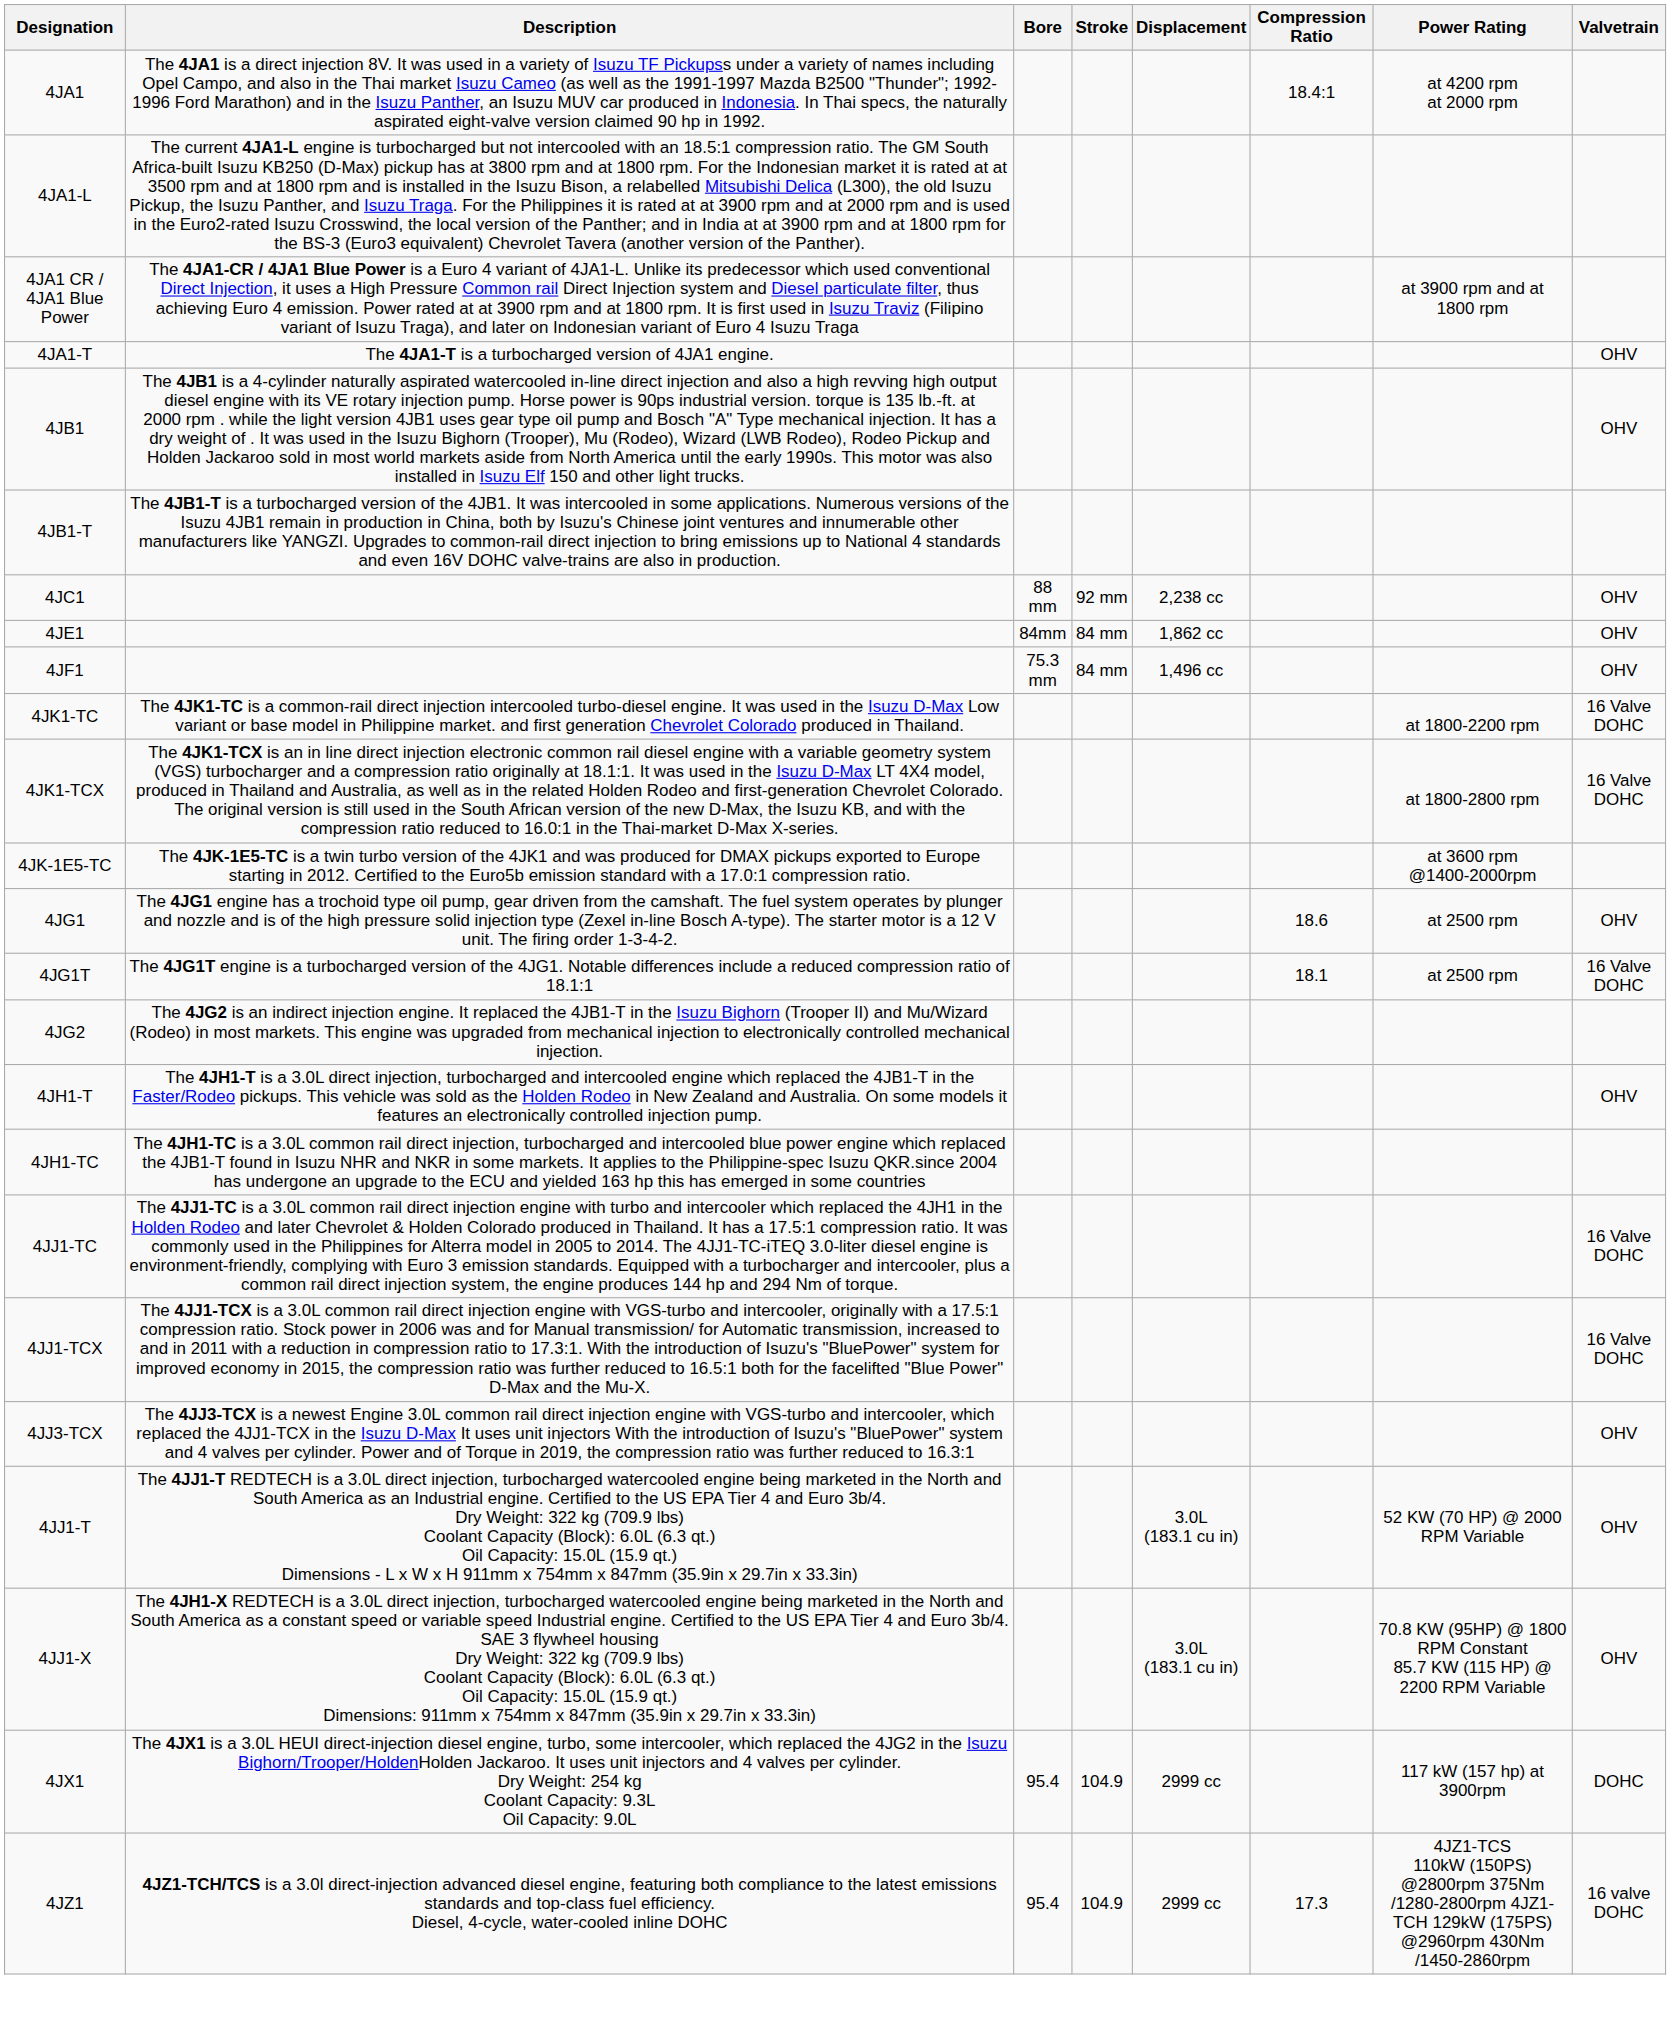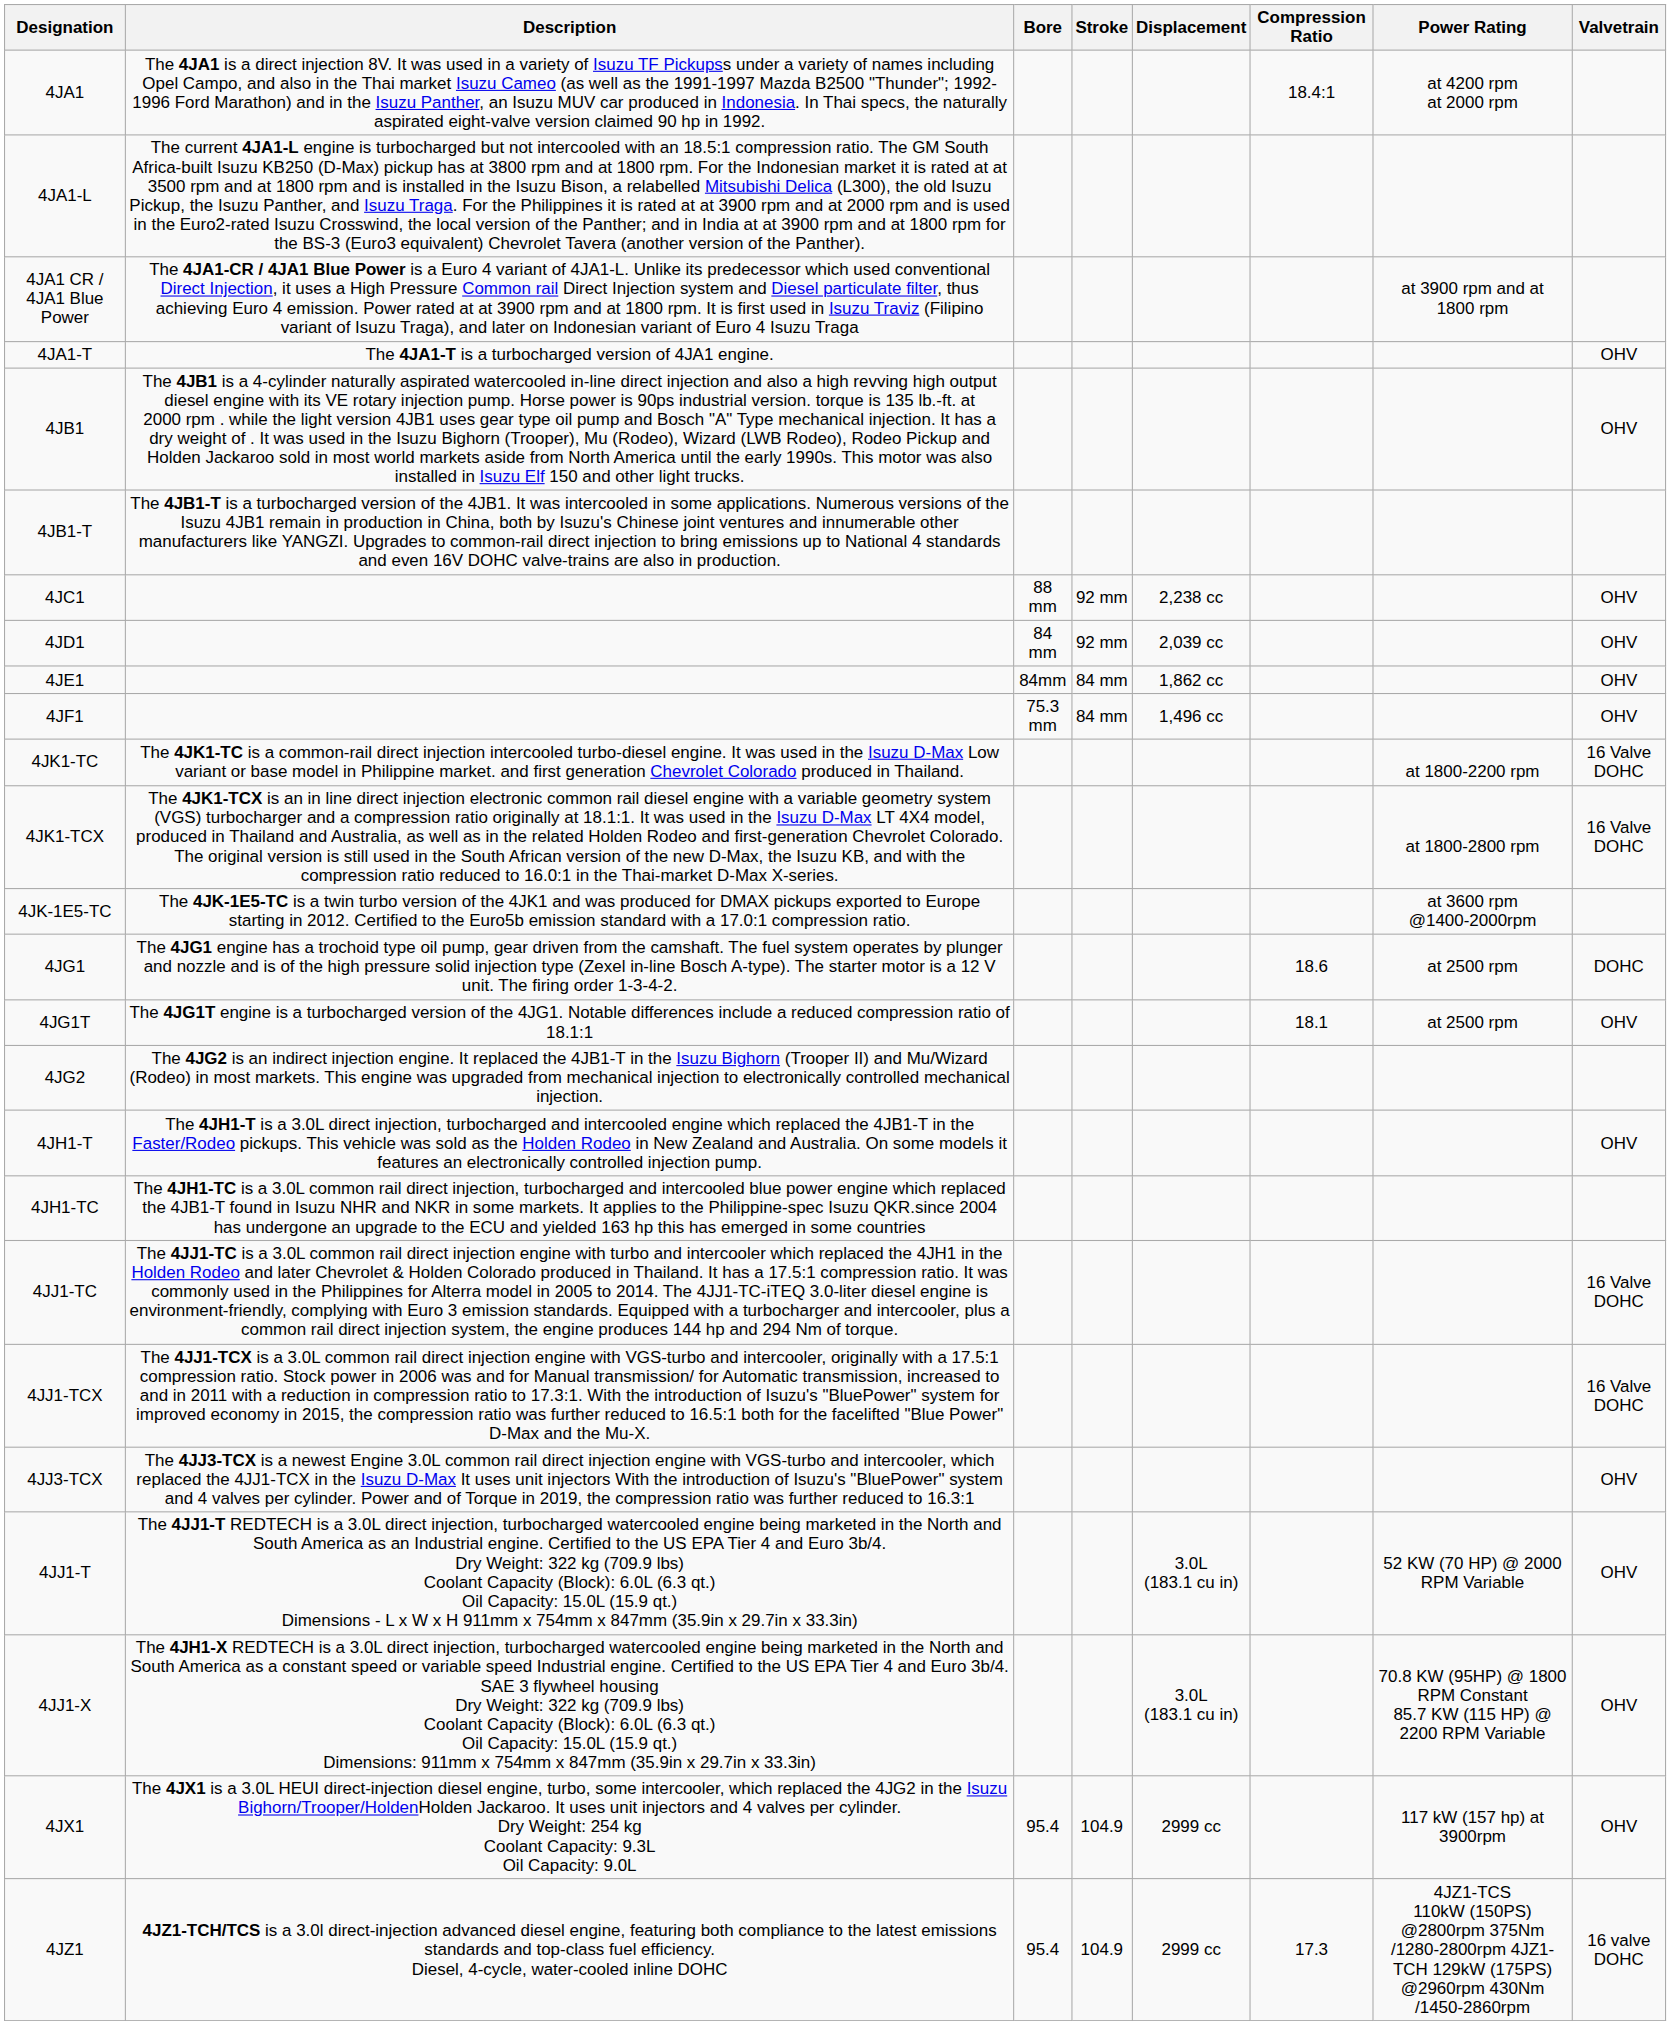 <table class="wikitable" style="text-align: center;">
 <tr>
 <th>Designation</th>
 <th>Description</th>
 <th>Bore</th>
 <th>Stroke</th>
 <th>Displacement</th>
 <th>Compression Ratio</th>
 <th>Power Rating</th>
 <th>Valvetrain</th>
 </tr>
 <tr>
 <td>4JA1</td>
 <td>The <strong>4JA1</strong> is a direct injection 8V. It was used in a variety of <a href='#'>Isuzu TF Pickups</a>s under a variety of names including Opel Campo, and also in the Thai market <a href='#'>Isuzu Cameo</a> (as well as the 1991-1997 Mazda B2500 "Thunder"; 1992-1996 Ford Marathon) and in the <a href='#'>Isuzu Panther</a>, an Isuzu MUV car produced in <a href='#'>Indonesia</a>. In Thai specs, the naturally aspirated eight-valve version claimed 90 hp in 1992.</td>
 <td></td>
 <td></td>
 <td></td>
 <td>18.4:1</td>
 <td> at 4200 rpm<br> at 2000 rpm</td>
 <td></td>
 </tr>
 <tr>
 <td>4JA1-L</td>
 <td>The current <strong>4JA1-L</strong> engine is turbocharged but not intercooled with an 18.5:1 compression ratio. The GM South Africa-built Isuzu KB250 (D-Max) pickup has  at 3800 rpm and  at 1800 rpm. For the Indonesian market it is rated at  at 3500 rpm and  at 1800 rpm and is installed in the Isuzu Bison, a relabelled <a href='#'>Mitsubishi Delica</a> (L300), the old Isuzu Pickup, the Isuzu Panther, and <a href='#'>Isuzu Traga</a>. For the Philippines it is rated at  at 3900 rpm and  at 2000 rpm and is used in the Euro2-rated Isuzu Crosswind, the local version of the Panther; and in India at  at 3900 rpm and  at 1800 rpm for the BS-3 (Euro3 equivalent) Chevrolet Tavera (another version of the Panther).</td>
 <td></td>
 <td></td>
 <td></td>
 <td></td>
 <td></td>
 <td></td>
 </tr>
 <tr>
 <td>4JA1 CR / 4JA1 Blue Power</td>
 <td>The <strong>4JA1-CR / 4JA1 Blue Power</strong> is a Euro 4 variant of 4JA1-L. Unlike its predecessor which used conventional <a href='#'>Direct Injection</a>, it uses a High Pressure <a href='#'>Common rail</a> Direct Injection system and <a href='#'>Diesel particulate filter</a>, thus achieving Euro 4 emission. Power rated at  at 3900 rpm and  at 1800 rpm. It is first used in <a href='#'>Isuzu Traviz</a> (Filipino variant of Isuzu Traga), and later on Indonesian variant of Euro 4 Isuzu Traga </td>
 <td></td>
 <td></td>
 <td></td>
 <td></td>
 <td> at 3900 rpm and  at 1800 rpm</td>
 <td></td>
 </tr>
 <tr>
 <td>4JA1-T</td>
 <td>The <strong>4JA1-T</strong> is a turbocharged version of  4JA1 engine.</td>
 <td></td>
 <td></td>
 <td></td>
 <td></td>
 <td></td>
 <td>OHV</td>
 </tr>
 <tr>
 <td>4JB1</td>
 <td>The <strong>4JB1</strong> is a 4-cylinder naturally aspirated watercooled in-line direct injection and also a high revving high output diesel engine with its VE rotary injection pump. Horse power is 90ps industrial version. torque is 135 lb.-ft. at 2000 rpm . while the light version 4JB1 uses gear type oil pump and Bosch "A" Type mechanical injection. It has a dry weight of . It was used in the Isuzu Bighorn (Trooper), Mu (Rodeo), Wizard (LWB Rodeo), Rodeo Pickup and Holden Jackaroo sold in most world markets aside from North America until the early 1990s. This motor was also installed in <a href='#'>Isuzu Elf</a> 150 and other light trucks.</td>
 <td></td>
 <td></td>
 <td></td>
 <td></td>
 <td></td>
 <td>OHV</td>
 </tr>
 <tr>
 <td>4JB1-T</td>
 <td>The <strong>4JB1-T</strong> is a turbocharged version of the 4JB1. It was intercooled in some applications. Numerous versions of the Isuzu 4JB1 remain in production in China, both by Isuzu's Chinese joint ventures and innumerable other manufacturers like YANGZI. Upgrades to common-rail direct injection to bring emissions up to National 4 standards and even 16V DOHC valve-trains are also in production.</td>
 <td></td>
 <td></td>
 <td></td>
 <td></td>
 <td></td>
 <td></td>
 </tr>
 <tr>
 <td>4JC1</td>
 <td></td>
 <td>88 mm</td>
 <td>92 mm</td>
 <td>2,238 cc</td>
 <td></td>
 <td></td>
 <td>OHV</td>
 </tr>
 <tr>
+<td>4JD1</td>
+<td></td>
+<td>84 mm</td>
+<td>92 mm</td>
+<td>2,039 cc</td>
+<td></td>
+<td></td>
+<td>OHV</td>
+</tr>
+<tr>
 <td>4JE1</td>
 <td></td>
 <td>84mm</td>
 <td>84 mm</td>
 <td>1,862 cc</td>
 <td></td>
 <td></td>
 <td>OHV</td>
 </tr>
 <tr>
 <td>4JF1</td>
 <td></td>
 <td>75.3 mm</td>
 <td>84 mm</td>
 <td>1,496 cc</td>
 <td></td>
 <td></td>
 <td>OHV</td>
 </tr>
 <tr>
 <td>4JK1-TC</td>
 <td>The <strong>4JK1-TC</strong> is a common-rail direct injection intercooled turbo-diesel engine. It was used in the <a href='#'>Isuzu D-Max</a> Low variant or base model in Philippine market. and first generation <a href='#'>Chevrolet Colorado</a> produced in Thailand.</td>
 <td></td>
 <td></td>
 <td></td>
 <td></td>
 <td> <br>  at 1800-2200 rpm</td>
 <td>16 Valve DOHC</td>
 </tr>
 <tr>
 <td>4JK1-TCX</td>
 <td>The <strong>4JK1-TCX</strong> is an in line direct injection electronic common rail diesel engine with a variable geometry system (VGS) turbocharger and a compression ratio originally at 18.1:1. It was used in the <a href='#'>Isuzu D-Max</a> LT 4X4 model, produced in Thailand and Australia, as well as in the related Holden Rodeo and first-generation Chevrolet Colorado. The original version is still used in the South African version of the new D-Max, the Isuzu KB, and with the compression ratio reduced to 16.0:1 in the Thai-market D-Max X-series.</td>
 <td></td>
 <td></td>
 <td></td>
 <td></td>
 <td> <br>  at 1800-2800 rpm</td>
 <td>16 Valve DOHC</td>
 </tr>
 <tr>
 <td>4JK-1E5-TC</td>
 <td>The <strong>4JK-1E5-TC</strong> is a twin turbo version of the 4JK1 and was produced for DMAX pickups exported to Europe starting in 2012. Certified to the Euro5b emission standard with a 17.0:1 compression ratio.</td>
 <td></td>
 <td></td>
 <td></td>
 <td></td>
 <td> at 3600 rpm <br>  @1400-2000rpm</td>
 <td></td>
 </tr>
 <tr>
 <td>4JG1</td>
 <td>The <strong>4JG1</strong> engine has a trochoid type oil pump, gear driven from the camshaft. The fuel system operates by plunger and nozzle and is of the high pressure solid injection type (Zexel in-line Bosch A-type). The starter motor is a 12 V unit. The firing order 1-3-4-2.</td>
 <td></td>
 <td></td>
 <td></td>
 <td>18.6</td>
 <td> at 2500 rpm <br> </td>
-<td>OHV</td>
+<td>DOHC</td>
 </tr>
 <tr>
 <td>4JG1T</td>
 <td>The <strong>4JG1T</strong> engine is a turbocharged version of the 4JG1. Notable differences include a reduced compression ratio of 18.1:1</td>
 <td></td>
 <td></td>
 <td></td>
 <td>18.1</td>
 <td> at 2500 rpm <br> </td>
-<td>16 Valve DOHC</td>
+<td>OHV</td>
 </tr>
 <tr>
 <td>4JG2</td>
 <td>The <strong>4JG2</strong> is an indirect injection engine. It replaced the 4JB1-T in the <a href='#'>Isuzu Bighorn</a> (Trooper II) and Mu/Wizard (Rodeo) in most markets. This engine was upgraded from mechanical injection to electronically controlled mechanical injection.</td>
 <td></td>
 <td></td>
 <td></td>
 <td></td>
 <td></td>
 <td></td>
 </tr>
 <tr>
 <td>4JH1-T</td>
 <td>The <strong>4JH1-T</strong> is a 3.0L direct injection, turbocharged and intercooled engine which replaced the 4JB1-T in the <a href='#'>Faster/Rodeo</a> pickups. This vehicle was sold as the <a href='#'>Holden Rodeo</a> in New Zealand and Australia.  On some models it features an electronically controlled injection pump.</td>
 <td></td>
 <td></td>
 <td></td>
 <td></td>
 <td> <br> </td>
 <td>OHV</td>
 </tr>
 <tr>
 <td>4JH1-TC</td>
 <td>The <strong>4JH1-TC</strong> is a 3.0L common rail direct injection, turbocharged and intercooled blue power engine which replaced the 4JB1-T found in Isuzu NHR and NKR in some markets. It applies to the Philippine-spec Isuzu QKR.since 2004 has undergone an upgrade to the ECU and yielded 163 hp this has emerged in some countries</td>
 <td></td>
 <td></td>
 <td></td>
 <td></td>
 <td> <br> </td>
 <td></td>
 </tr>
 <tr>
 <td>4JJ1-TC</td>
 <td>The <strong>4JJ1-TC</strong> is a 3.0L common rail direct injection engine with turbo and intercooler which replaced the 4JH1 in the <a href='#'>Holden Rodeo</a> and later Chevrolet & Holden Colorado produced in Thailand. It has a 17.5:1 compression ratio. It was commonly used in the Philippines for Alterra model in 2005 to 2014. The 4JJ1-TC-iTEQ 3.0-liter diesel engine is environment-friendly, complying with Euro 3 emission standards. Equipped with a turbocharger and intercooler, plus a common rail direct injection system, the engine produces 144 hp and 294 Nm of torque.</td>
 <td></td>
 <td></td>
 <td></td>
 <td></td>
 <td></td>
 <td>16 Valve DOHC</td>
 </tr>
 <tr>
 <td>4JJ1-TCX</td>
 <td>The <strong>4JJ1-TCX</strong> is a 3.0L common rail direct injection engine with VGS-turbo and intercooler, originally with a 17.5:1 compression ratio. Stock power in 2006 was  and  for Manual transmission/  for Automatic transmission, increased to  and  in 2011 with a reduction in compression ratio to 17.3:1. With the introduction of Isuzu's "BluePower" system for improved economy in 2015, the compression ratio was further reduced to 16.5:1 both for the facelifted "Blue Power" D-Max and the Mu-X.</td>
 <td></td>
 <td></td>
 <td></td>
 <td></td>
 <td></td>
 <td>16 Valve DOHC</td>
 </tr>
 <tr>
 <td>4JJ3-TCX</td>
 <td>The <strong>4JJ3-TCX</strong> is a newest Engine 3.0L common rail direct injection engine with VGS-turbo and intercooler, which replaced the 4JJ1-TCX in the <a href='#'>Isuzu D-Max</a> It uses unit injectors With the introduction of Isuzu's "BluePower" system and 4 valves per cylinder. Power  and  of Torque in 2019, the compression ratio was further reduced to 16.3:1</td>
 <td></td>
 <td></td>
 <td></td>
 <td></td>
 <td></td>
 <td>OHV</td>
 </tr>
 <tr>
 <td>4JJ1-T</td>
 <td>The <strong>4JJ1-T</strong> REDTECH is a 3.0L direct injection, turbocharged watercooled engine being marketed in the North and South America as an Industrial engine. Certified to the US EPA Tier 4 and Euro 3b/4.<br>Dry Weight: 322 kg (709.9 lbs)<br>Coolant Capacity (Block): 6.0L (6.3 qt.)<br>Oil Capacity: 15.0L (15.9 qt.)<br>Dimensions - L x W x H 911mm x 754mm x 847mm (35.9in x 29.7in x 33.3in)</td>
 <td></td>
 <td></td>
 <td>3.0L<br>(183.1 cu in)</td>
 <td></td>
 <td>52 KW (70 HP) @ 2000 RPM Variable</td>
 <td>OHV</td>
 </tr>
 <tr>
 <td>4JJ1-X</td>
 <td>The <strong>4JH1-X</strong> REDTECH is a 3.0L direct injection, turbocharged watercooled engine being marketed in the North and South America as a constant speed or variable speed Industrial engine. Certified to the US EPA Tier 4 and Euro 3b/4.<br>SAE 3 flywheel housing<br>Dry Weight: 322 kg (709.9 lbs)<br>Coolant Capacity (Block): 6.0L (6.3 qt.)<br>Oil Capacity: 15.0L (15.9 qt.)<br>Dimensions: 911mm x 754mm x 847mm (35.9in x 29.7in x 33.3in)</td>
 <td></td>
 <td></td>
 <td>3.0L<br>(183.1 cu in)</td>
 <td></td>
 <td>70.8 KW (95HP) @ 1800 RPM Constant<br>85.7 KW (115 HP) @ 2200  RPM Variable</td>
 <td>OHV</td>
 </tr>
 <tr>
 <td>4JX1</td>
 <td>The <strong>4JX1</strong> is a 3.0L HEUI direct-injection diesel engine, turbo, some intercooler, which replaced the 4JG2 in the <a href='#'>Isuzu Bighorn/Trooper/Holden</a>Holden Jackaroo.  It uses unit injectors and 4 valves per cylinder.<br>Dry Weight: 254 kg<br>Coolant Capacity: 9.3L<br>Oil Capacity: 9.0L</td>
 <td>95.4</td>
 <td>104.9</td>
 <td>2999 cc</td>
 <td></td>
 <td>117 kW (157 hp) at 3900rpm</td>
-<td>DOHC</td>
+<td>OHV</td>
 </tr>
 <tr>
 <td>4JZ1</td>
 <td><strong>4JZ1-TCH/TCS</strong> is a 3.0l direct-injection advanced diesel engine, featuring both compliance to the latest emissions standards and top-class fuel efficiency.<br>Diesel, 4-cycle, water-cooled inline DOHC</td>
 <td>95.4</td>
 <td>104.9</td>
 <td>2999 cc</td>
 <td>17.3</td>
 <td>4JZ1-TCS<br>110kW (150PS) @2800rpm 375Nm /1280-2800rpm 4JZ1-TCH 129kW (175PS) @2960rpm 430Nm /1450-2860rpm</td>
 <td>16 valve DOHC</td>
 </tr>
 </table>
